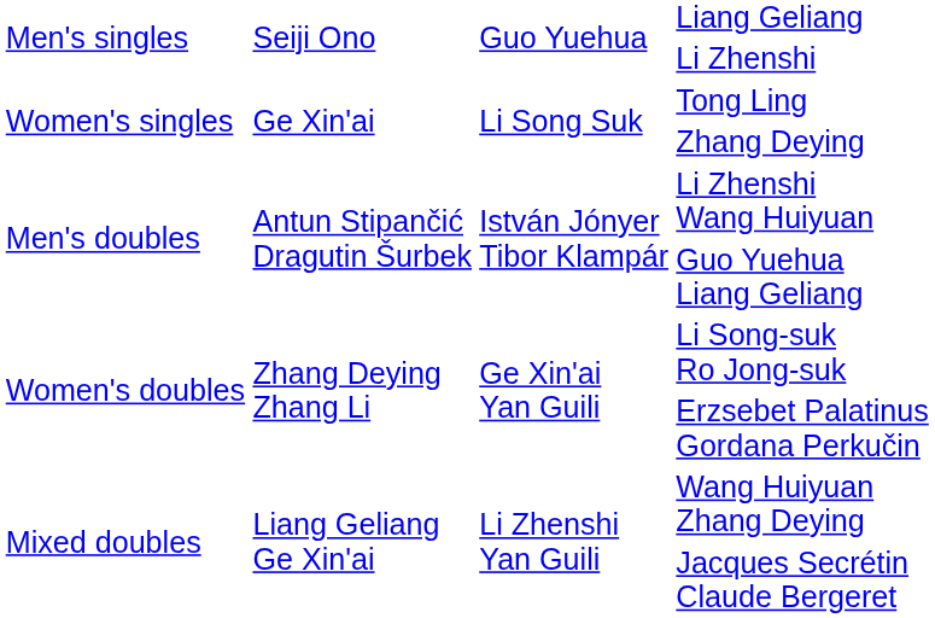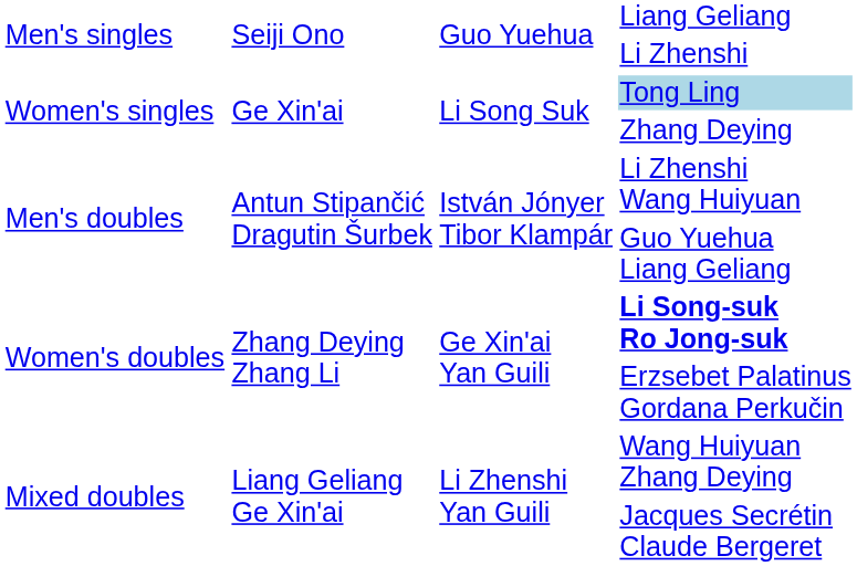 <table>
 <tr>
 <td rowspan=2><a href='#'>Men's singles</a></td>
 <td rowspan=2> <a href='#'>Seiji Ono</a></td>
 <td rowspan=2> <a href='#'>Guo Yuehua</a></td>
 <td> <a href='#'>Liang Geliang</a></td>
 </tr>
 <tr>
 <td> <a href='#'>Li Zhenshi</a></td>
 </tr>
 <tr>
 <td rowspan=2><a href='#'>Women's singles</a></td>
 <td rowspan=2> <a href='#'>Ge Xin'ai</a></td>
 <td rowspan=2> <a href='#'>Li Song Suk</a></td>
-<td> <a href='#'>Tong Ling</a></td>
+<td style="background: lightblue;"> <a href='#'>Tong Ling</a></td>
 </tr>
 <tr>
 <td> <a href='#'>Zhang Deying</a></td>
 </tr>
 <tr>
 <td rowspan=2><a href='#'>Men's doubles</a></td>
 <td rowspan=2> <a href='#'>Antun Stipančić</a><br> <a href='#'>Dragutin Šurbek</a></td>
 <td rowspan=2> <a href='#'>István Jónyer</a><br> <a href='#'>Tibor Klampár</a></td>
 <td> <a href='#'>Li Zhenshi</a><br> <a href='#'>Wang Huiyuan</a></td>
 </tr>
 <tr>
 <td> <a href='#'>Guo Yuehua</a><br> <a href='#'>Liang Geliang</a></td>
 </tr>
 <tr>
 <td rowspan=2><a href='#'>Women's doubles</a></td>
 <td rowspan=2> <a href='#'>Zhang Deying</a><br> <a href='#'>Zhang Li</a></td>
 <td rowspan=2> <a href='#'>Ge Xin'ai</a><br> <a href='#'>Yan Guili</a></td>
-<td> <a href='#'>Li Song-suk</a><br> <a href='#'>Ro Jong-suk</a></td>
+<td><strong> <a href='#'>Li Song-suk</a><br> <a href='#'>Ro Jong-suk</a></strong></td>
 </tr>
 <tr>
 <td> <a href='#'>Erzsebet Palatinus</a><br> <a href='#'>Gordana Perkučin</a></td>
 </tr>
 <tr>
 <td rowspan=2><a href='#'>Mixed doubles</a></td>
 <td rowspan=2> <a href='#'>Liang Geliang</a><br> <a href='#'>Ge Xin'ai</a></td>
 <td rowspan=2> <a href='#'>Li Zhenshi</a><br> <a href='#'>Yan Guili</a></td>
 <td> <a href='#'>Wang Huiyuan</a><br> <a href='#'>Zhang Deying</a></td>
 </tr>
 <tr>
 <td> <a href='#'>Jacques Secrétin</a><br> <a href='#'>Claude Bergeret</a></td>
 </tr>
 </table>
